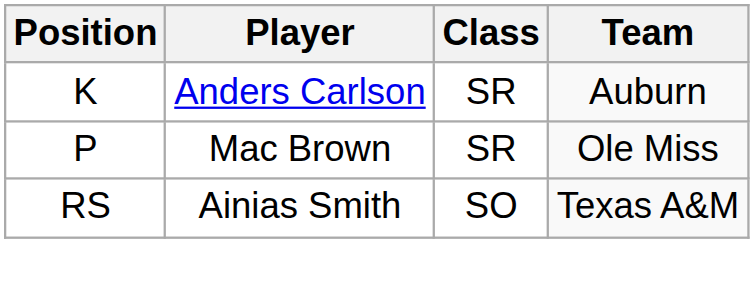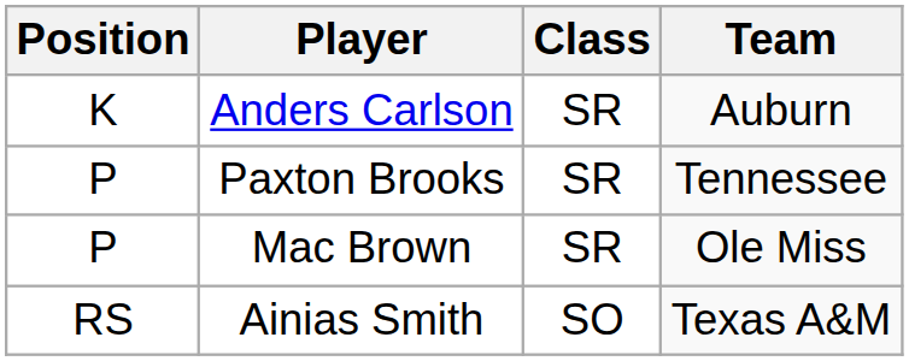 <table class="wikitable sortable">
 <tr>
 <th>Position</th>
 <th>Player</th>
 <th>Class</th>
 <th>Team</th>
 </tr>
 <tr style="text-align:center;">
 <td style="background:white">K</td>
 <td style="background:white"><a href='#'>Anders Carlson</a></td>
 <td style="background:white">SR</td>
 <td>Auburn</td>
 </tr>
 <tr style="text-align:center;">
 <td style="background:white">P</td>
+<td style="background:white">Paxton Brooks</td>
+<td style="background:white">SR</td>
+<td>Tennessee</td>
+</tr>
+<tr style="text-align:center;">
+<td style="background:white">P</td>
 <td style="background:white">Mac Brown</td>
 <td style="background:white">SR</td>
 <td>Ole Miss</td>
 </tr>
 <tr style="text-align:center;">
 <td style="background:white">RS</td>
 <td style="background:white">Ainias Smith</td>
 <td style="background:white">SO</td>
 <td>Texas A&M</td>
 </tr>
 </table>
